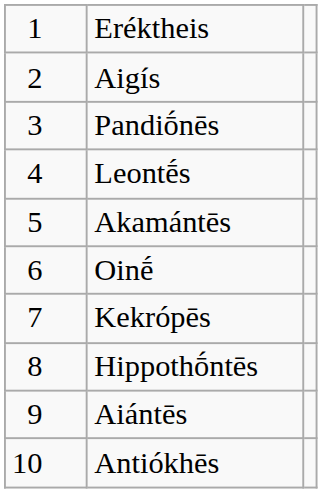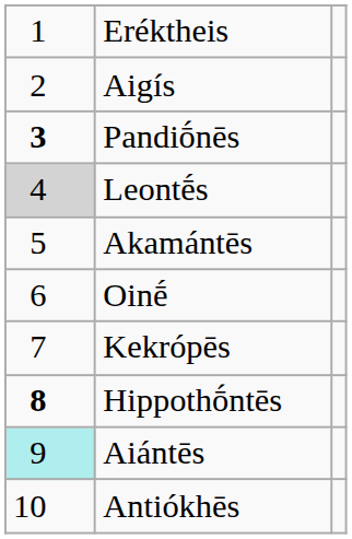 <table class="wikitable">
 <tr>
 <td>  1</td>
 <td>Eréktheis</td>
 <td></td>
 </tr>
 <tr>
 <td>  2</td>
 <td>Aigís</td>
 <td></td>
 </tr>
 <tr>
-<td>  3</td>
+<td><strong>  3</strong></td>
 <td>Pandiṓnēs</td>
 <td></td>
 </tr>
 <tr>
-<td>  4</td>
+<td style="background: lightgrey;">  4</td>
 <td>Leontḗs</td>
 <td></td>
 </tr>
 <tr>
 <td>  5</td>
 <td>Akamántēs</td>
 <td></td>
 </tr>
 <tr>
 <td>  6</td>
 <td>Oinḗ</td>
 <td></td>
 </tr>
 <tr>
 <td>  7</td>
 <td>Kekrópēs</td>
 <td></td>
 </tr>
 <tr>
-<td>  8  </td>
+<td><strong>  8  </strong></td>
 <td>Hippothṓntēs  </td>
 <td></td>
 </tr>
 <tr>
-<td>  9</td>
+<td style="background: paleturquoise;">  9</td>
 <td>Aiántēs</td>
 <td></td>
 </tr>
 <tr>
 <td>10</td>
 <td>Antiókhēs</td>
 <td></td>
 </tr>
 </table>
